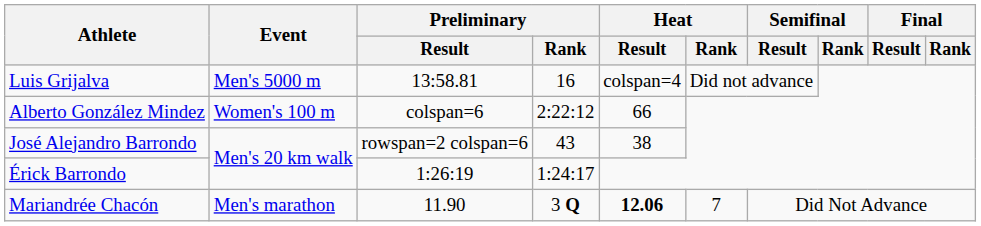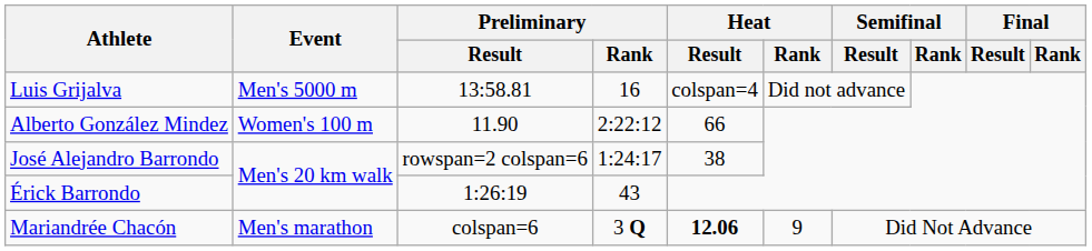 <table class="wikitable" style="font-size:90%">
 <tr>
 <th rowspan="2">Athlete</th>
 <th rowspan="2">Event</th>
 <th colspan="2">Preliminary</th>
 <th colspan="2">Heat</th>
 <th colspan="2">Semifinal</th>
 <th colspan="2">Final</th>
 </tr>
 <tr style="font-size:95%">
 <th>Result</th>
 <th>Rank</th>
 <th>Result</th>
 <th>Rank</th>
 <th>Result</th>
 <th>Rank</th>
 <th>Result</th>
 <th>Rank</th>
 </tr>
 <tr align=center>
 <td align=left><a href='#'>Luis Grijalva</a></td>
 <td align=left><a href='#'>Men's 5000 m</a></td>
 <td>13:58.81</td>
 <td>16</td>
 <td>colspan=4 </td>
 <td colspan=2>Did not advance</td>
 </tr>
 <tr align=center>
 <td align=left><a href='#'>Alberto González Mindez</a></td>
 <td align=left><a href='#'>Women's 100 m</a></td>
-<td>colspan=6 </td>
+<td>11.90</td>
 <td>2:22:12 <strong></strong></td>
 <td>66</td>
 </tr>
 <tr align=center>
 <td align=left><a href='#'>José Alejandro Barrondo</a></td>
 <td align=left rowspan=2><a href='#'>Men's 20 km walk</a></td>
 <td>rowspan=2 colspan=6 </td>
-<td>43</td>
+<td>1:24:17</td>
 <td>38</td>
 </tr>
 <tr align=center>
 <td align=left><a href='#'>Érick Barrondo</a></td>
 <td>1:26:19</td>
-<td>1:24:17</td>
+<td>43</td>
 </tr>
 <tr align=center>
 <td align=left><a href='#'>Mariandrée Chacón</a></td>
 <td align=left><a href='#'>Men's marathon</a></td>
-<td>11.90</td>
+<td>colspan=6 </td>
 <td>3 <strong>Q</strong></td>
 <td><strong>12.06</strong></td>
-<td>7</td>
+<td>9</td>
 <td colspan=4>Did Not Advance</td>
 </tr>
 </table>
